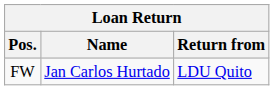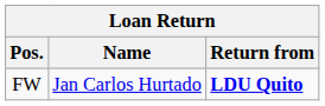 <table class="wikitable" style="font-size:95%;">
 <tr>
 <th colspan="5">Loan Return</th>
 </tr>
 <tr>
 <th>Pos.</th>
 <th>Name</th>
 <th>Return from</th>
 </tr>
 <tr>
 <td align="center">FW</td>
 <td> <a href='#'>Jan Carlos Hurtado</a></td>
-<td> <a href='#'>LDU Quito</a></td>
+<td><strong> <a href='#'>LDU Quito</a></strong></td>
 </tr>
 </table>
